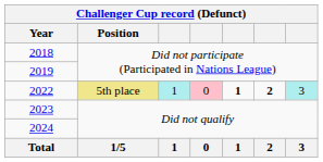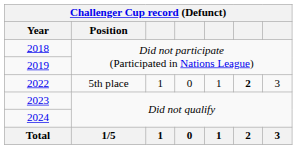 <table class="wikitable" style="text-align:center">
 <tr>
 <th colspan=7><a href='#'>Challenger Cup record</a> (Defunct)</th>
 </tr>
 <tr>
 <th width=90>Year</th>
 <th width=100>Position</th>
 <th width=35></th>
 <th width=35></th>
 <th width=35></th>
 <th width=35></th>
 <th width=35></th>
 </tr>
 <tr>
 <td> <a href='#'>2018</a></td>
 <td rowspan=2 colspan=6><em>Did not participate</em><br>(Participated in <a href='#'>Nations League</a>)</td>
 </tr>
 <tr>
 <td> <a href='#'>2019</a></td>
 </tr>
 <tr>
 <td> <a href='#'>2022</a></td>
-<td style="background: khaki;">5th place</td>
-<td style="background: paleturquoise;">1</td>
-<td style="background: pink;">0</td>
-<td><strong>1</strong></td>
+<td>5th place</td>
+<td>1</td>
+<td>0</td>
+<td>1</td>
 <td><strong>2</strong></td>
-<td style="background: paleturquoise;">3</td>
+<td>3</td>
 </tr>
 <tr>
 <td> <a href='#'>2023</a></td>
 <td rowspan=2 colspan=6><em>Did not qualify</em></td>
 </tr>
 <tr>
 <td> <a href='#'>2024</a></td>
 </tr>
 <tr>
 <th>Total</th>
 <th>1/5</th>
 <th>1</th>
 <th>0</th>
 <th>1</th>
 <th>2</th>
 <th>3</th>
 </tr>
 </table>
